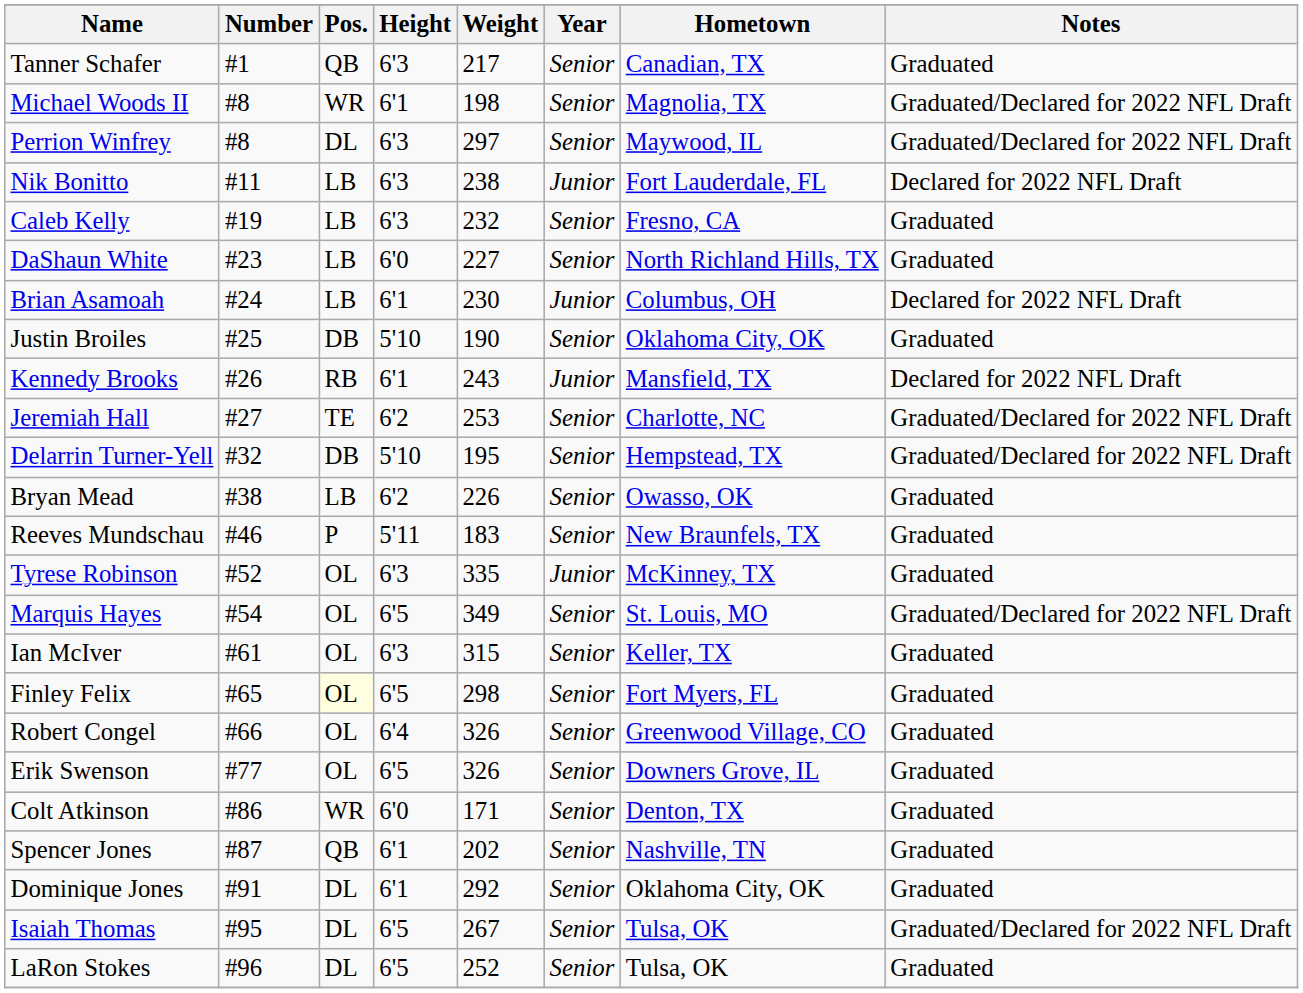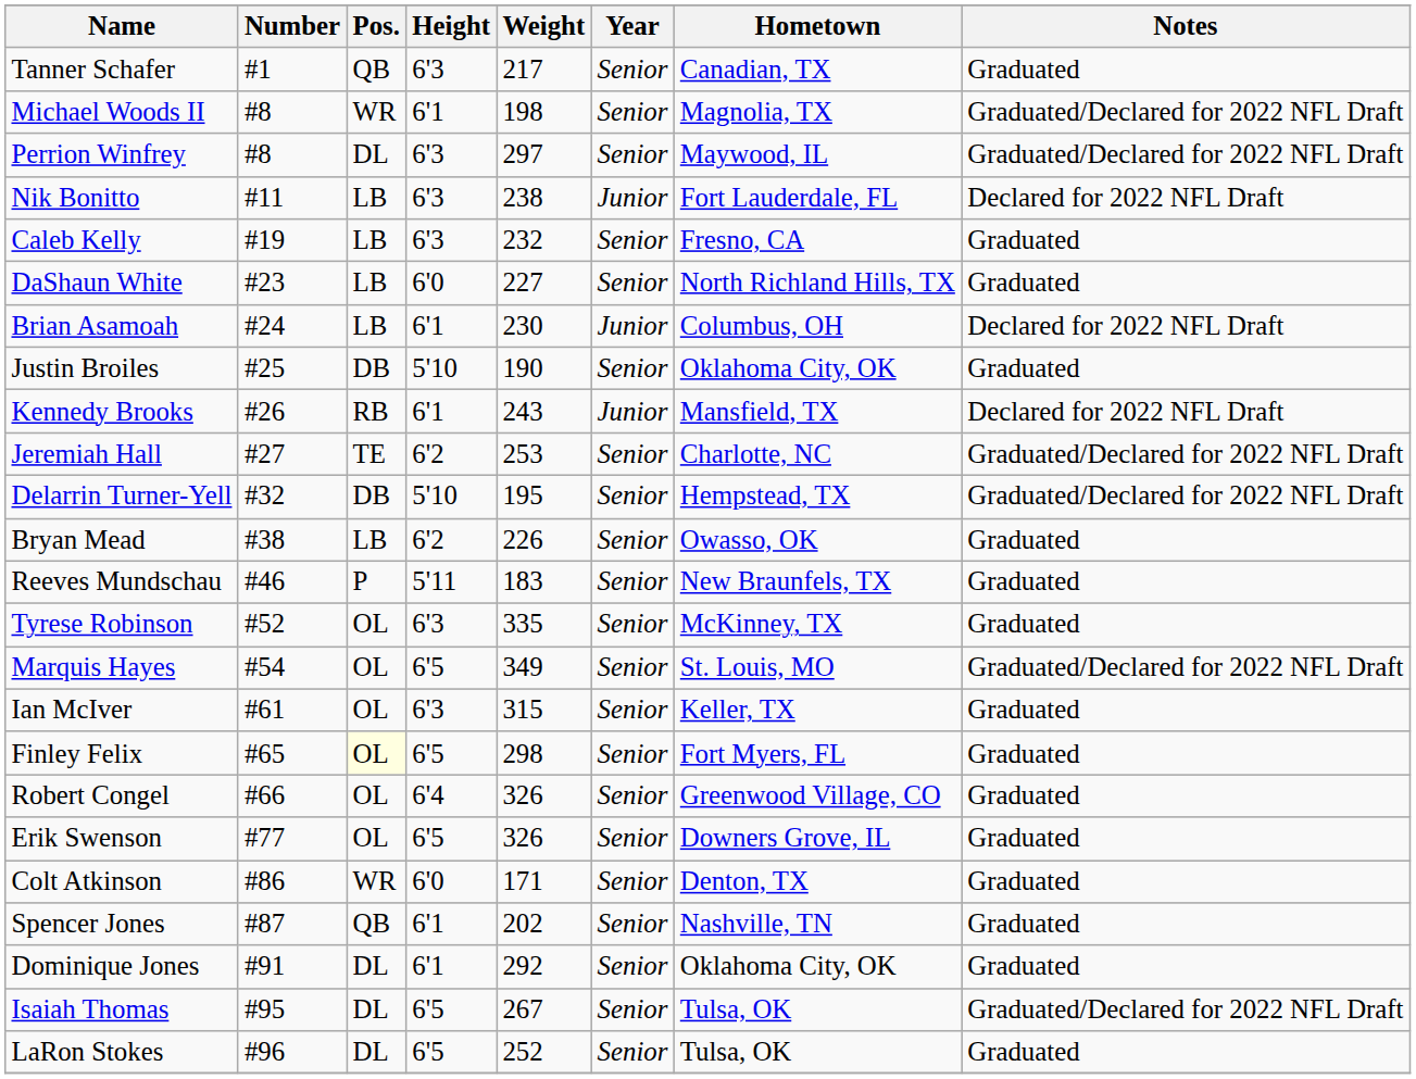 <table class="wikitable sortable collapsible">
 <tr>
 </tr>
 <tr>
 <th style="text-align:center; ">Name</th>
 <th style="text-align:center; ">Number</th>
 <th style="text-align:center; ">Pos.</th>
 <th style="text-align:center; ">Height</th>
 <th style="text-align:center; ">Weight</th>
 <th style="text-align:center; ">Year</th>
 <th style="text-align:center; ">Hometown</th>
 <th style="text-align:center; ">Notes</th>
 </tr>
 <tr>
 <td>Tanner Schafer</td>
 <td>#1</td>
 <td>QB</td>
 <td>6'3</td>
 <td>217</td>
 <td><em> Senior</em></td>
 <td><a href='#'>Canadian, TX</a></td>
 <td>Graduated</td>
 </tr>
 <tr>
 <td><a href='#'>Michael Woods II</a></td>
 <td>#8</td>
 <td>WR</td>
 <td>6'1</td>
 <td>198</td>
 <td><em>Senior</em></td>
 <td><a href='#'>Magnolia, TX</a></td>
 <td>Graduated/Declared for 2022 NFL Draft</td>
 </tr>
 <tr>
 <td><a href='#'>Perrion Winfrey</a></td>
 <td>#8</td>
 <td>DL</td>
 <td>6'3</td>
 <td>297</td>
 <td><em>Senior</em></td>
 <td><a href='#'>Maywood, IL</a></td>
 <td>Graduated/Declared for 2022 NFL Draft</td>
 </tr>
 <tr>
 <td><a href='#'>Nik Bonitto</a></td>
 <td>#11</td>
 <td>LB</td>
 <td>6'3</td>
 <td>238</td>
 <td><em> Junior</em></td>
 <td><a href='#'>Fort Lauderdale, FL</a></td>
 <td>Declared for 2022 NFL Draft</td>
 </tr>
 <tr>
 <td><a href='#'>Caleb Kelly</a></td>
 <td>#19</td>
 <td>LB</td>
 <td>6'3</td>
 <td>232</td>
 <td><em> Senior</em></td>
 <td><a href='#'>Fresno, CA</a></td>
 <td>Graduated</td>
 </tr>
 <tr>
 <td><a href='#'>DaShaun White</a></td>
 <td>#23</td>
 <td>LB</td>
 <td>6'0</td>
 <td>227</td>
 <td><em>Senior</em></td>
 <td><a href='#'>North Richland Hills, TX</a></td>
 <td>Graduated</td>
 </tr>
 <tr>
 <td><a href='#'>Brian Asamoah</a></td>
 <td>#24</td>
 <td>LB</td>
 <td>6'1</td>
 <td>230</td>
 <td><em> Junior</em></td>
 <td><a href='#'>Columbus, OH</a></td>
 <td>Declared for 2022 NFL Draft</td>
 </tr>
 <tr>
 <td>Justin Broiles</td>
 <td>#25</td>
 <td>DB</td>
 <td>5'10</td>
 <td>190</td>
 <td><em> Senior</em></td>
 <td><a href='#'>Oklahoma City, OK</a></td>
 <td>Graduated</td>
 </tr>
 <tr>
 <td><a href='#'>Kennedy Brooks</a></td>
 <td>#26</td>
 <td>RB</td>
 <td>6'1</td>
 <td>243</td>
 <td><em> Junior</em></td>
 <td><a href='#'>Mansfield, TX</a></td>
 <td>Declared for 2022 NFL Draft</td>
 </tr>
 <tr>
 <td><a href='#'>Jeremiah Hall</a></td>
 <td>#27</td>
 <td>TE</td>
 <td>6'2</td>
 <td>253</td>
 <td><em> Senior</em></td>
 <td><a href='#'>Charlotte, NC</a></td>
 <td>Graduated/Declared for 2022 NFL Draft</td>
 </tr>
 <tr>
 <td><a href='#'>Delarrin Turner-Yell</a></td>
 <td>#32</td>
 <td>DB</td>
 <td>5'10</td>
 <td>195</td>
 <td><em>Senior</em></td>
 <td><a href='#'>Hempstead, TX</a></td>
 <td>Graduated/Declared for 2022 NFL Draft</td>
 </tr>
 <tr>
 <td>Bryan Mead</td>
 <td>#38</td>
 <td>LB</td>
 <td>6'2</td>
 <td>226</td>
 <td><em> Senior</em></td>
 <td><a href='#'>Owasso, OK</a></td>
 <td>Graduated</td>
 </tr>
 <tr>
 <td>Reeves Mundschau</td>
 <td>#46</td>
 <td>P</td>
 <td>5'11</td>
 <td>183</td>
 <td><em> Senior</em></td>
 <td><a href='#'>New Braunfels, TX</a></td>
 <td>Graduated</td>
 </tr>
 <tr>
 <td><a href='#'>Tyrese Robinson</a></td>
 <td>#52</td>
 <td>OL</td>
 <td>6'3</td>
 <td>335</td>
-<td><em> Junior</em></td>
+<td><em> Senior</em></td>
 <td><a href='#'>McKinney, TX</a></td>
 <td>Graduated</td>
 </tr>
 <tr>
 <td><a href='#'>Marquis Hayes</a></td>
 <td>#54</td>
 <td>OL</td>
 <td>6'5</td>
 <td>349</td>
 <td><em> Senior</em></td>
 <td><a href='#'>St. Louis, MO</a></td>
 <td>Graduated/Declared for 2022 NFL Draft</td>
 </tr>
 <tr>
 <td>Ian McIver</td>
 <td>#61</td>
 <td>OL</td>
 <td>6'3</td>
 <td>315</td>
 <td><em> Senior</em></td>
 <td><a href='#'>Keller, TX</a></td>
 <td>Graduated</td>
 </tr>
 <tr>
 <td>Finley Felix</td>
 <td>#65</td>
 <td style="background: lightyellow;">OL</td>
 <td>6'5</td>
 <td>298</td>
 <td><em> Senior</em></td>
 <td><a href='#'>Fort Myers, FL</a></td>
 <td>Graduated</td>
 </tr>
 <tr>
 <td>Robert Congel</td>
 <td>#66</td>
 <td>OL</td>
 <td>6'4</td>
 <td>326</td>
 <td><em> Senior</em></td>
 <td><a href='#'>Greenwood Village, CO</a></td>
 <td>Graduated</td>
 </tr>
 <tr>
 <td>Erik Swenson</td>
 <td>#77</td>
 <td>OL</td>
 <td>6'5</td>
 <td>326</td>
 <td><em> Senior</em></td>
 <td><a href='#'>Downers Grove, IL</a></td>
 <td>Graduated</td>
 </tr>
 <tr>
 <td>Colt Atkinson</td>
 <td>#86</td>
 <td>WR</td>
 <td>6'0</td>
 <td>171</td>
 <td><em> Senior</em></td>
 <td><a href='#'>Denton, TX</a></td>
 <td>Graduated</td>
 </tr>
 <tr>
 <td>Spencer Jones</td>
 <td>#87</td>
 <td>QB</td>
 <td>6'1</td>
 <td>202</td>
 <td><em> Senior</em></td>
 <td><a href='#'>Nashville, TN</a></td>
 <td>Graduated</td>
 </tr>
 <tr>
 <td>Dominique Jones</td>
 <td>#91</td>
 <td>DL</td>
 <td>6'1</td>
 <td>292</td>
 <td><em> Senior</em></td>
 <td>Oklahoma City, OK</td>
 <td>Graduated</td>
 </tr>
 <tr>
 <td><a href='#'>Isaiah Thomas</a></td>
 <td>#95</td>
 <td>DL</td>
 <td>6'5</td>
 <td>267</td>
 <td><em> Senior</em></td>
 <td><a href='#'>Tulsa, OK</a></td>
 <td>Graduated/Declared for 2022 NFL Draft</td>
 </tr>
 <tr>
 <td>LaRon Stokes</td>
 <td>#96</td>
 <td>DL</td>
 <td>6'5</td>
 <td>252</td>
 <td><em> Senior</em></td>
 <td>Tulsa, OK</td>
 <td>Graduated</td>
 </tr>
 <tr>
 </tr>
 </table>
